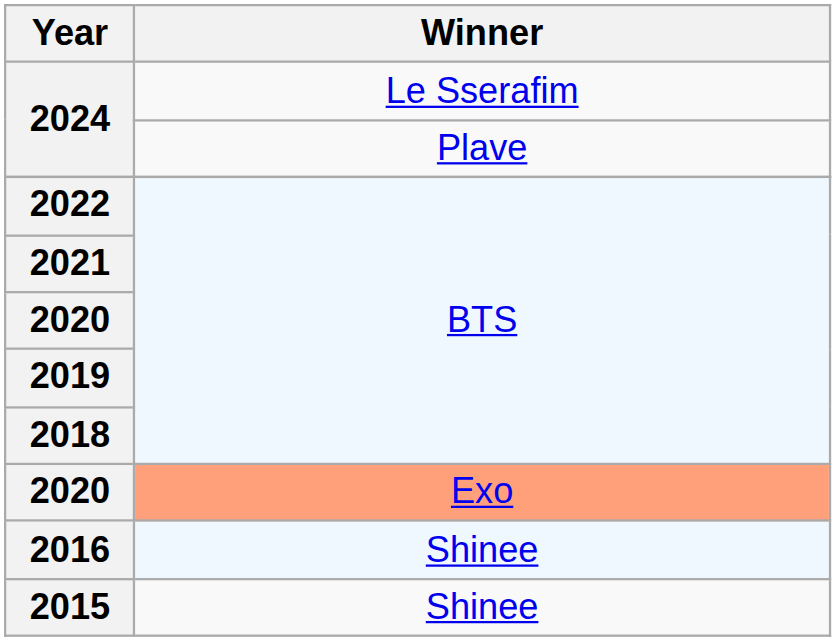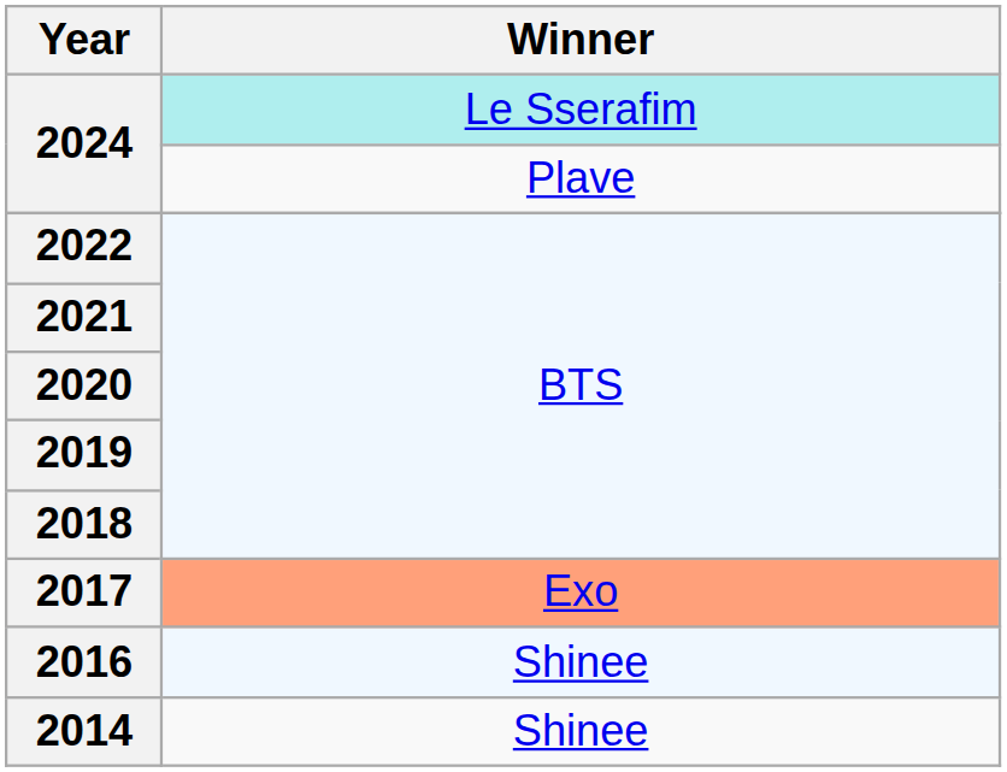 <table class="wikitable plainrowheaders" style="text-align: center">
 <tr>
 <th scope="col" width="50">Year</th>
 <th scope="col" width="300">Winner</th>
 </tr>
 <tr>
 <th scope="row" style="text-align:center;" rowspan="2">2024</th>
-<td><a href='#'>Le Sserafim</a></td>
+<td style="background: paleturquoise;"><a href='#'>Le Sserafim</a></td>
 </tr>
 <tr>
 <td><a href='#'>Plave</a></td>
 </tr>
 <tr>
 </tr>
 <tr style="background:#F0F8FF">
 <th scope="row" style="text-align:center;">2022</th>
 <td rowspan="5"><a href='#'>BTS</a></td>
 </tr>
 <tr>
 <th scope="row" style="text-align:center;">2021</th>
 </tr>
 <tr style="background:#F0F8FF">
 <th scope="row" style="text-align:center;">2020</th>
 </tr>
 <tr style="background:#FOF8FF">
 <th scope="row" style="text-align:center;">2019</th>
 </tr>
 <tr style="background:#F0F8FF">
 <th scope="row" style="text-align:center;">2018</th>
 </tr>
 <tr>
-<th scope="row" style="text-align:center;">2020</th>
+<th scope="row" style="text-align:center;">2017</th>
 <td style="background: lightsalmon;"><a href='#'>Exo</a></td>
 </tr>
 <tr style="background:#F0F8FF">
 <th scope="row" style="text-align:center;">2016</th>
 <td><a href='#'>Shinee</a></td>
 </tr>
 <tr>
-<th scope="row" style="text-align:center;">2015</th>
+<th scope="row" style="text-align:center;">2014</th>
 <td><a href='#'>Shinee</a></td>
 </tr>
 </table>
